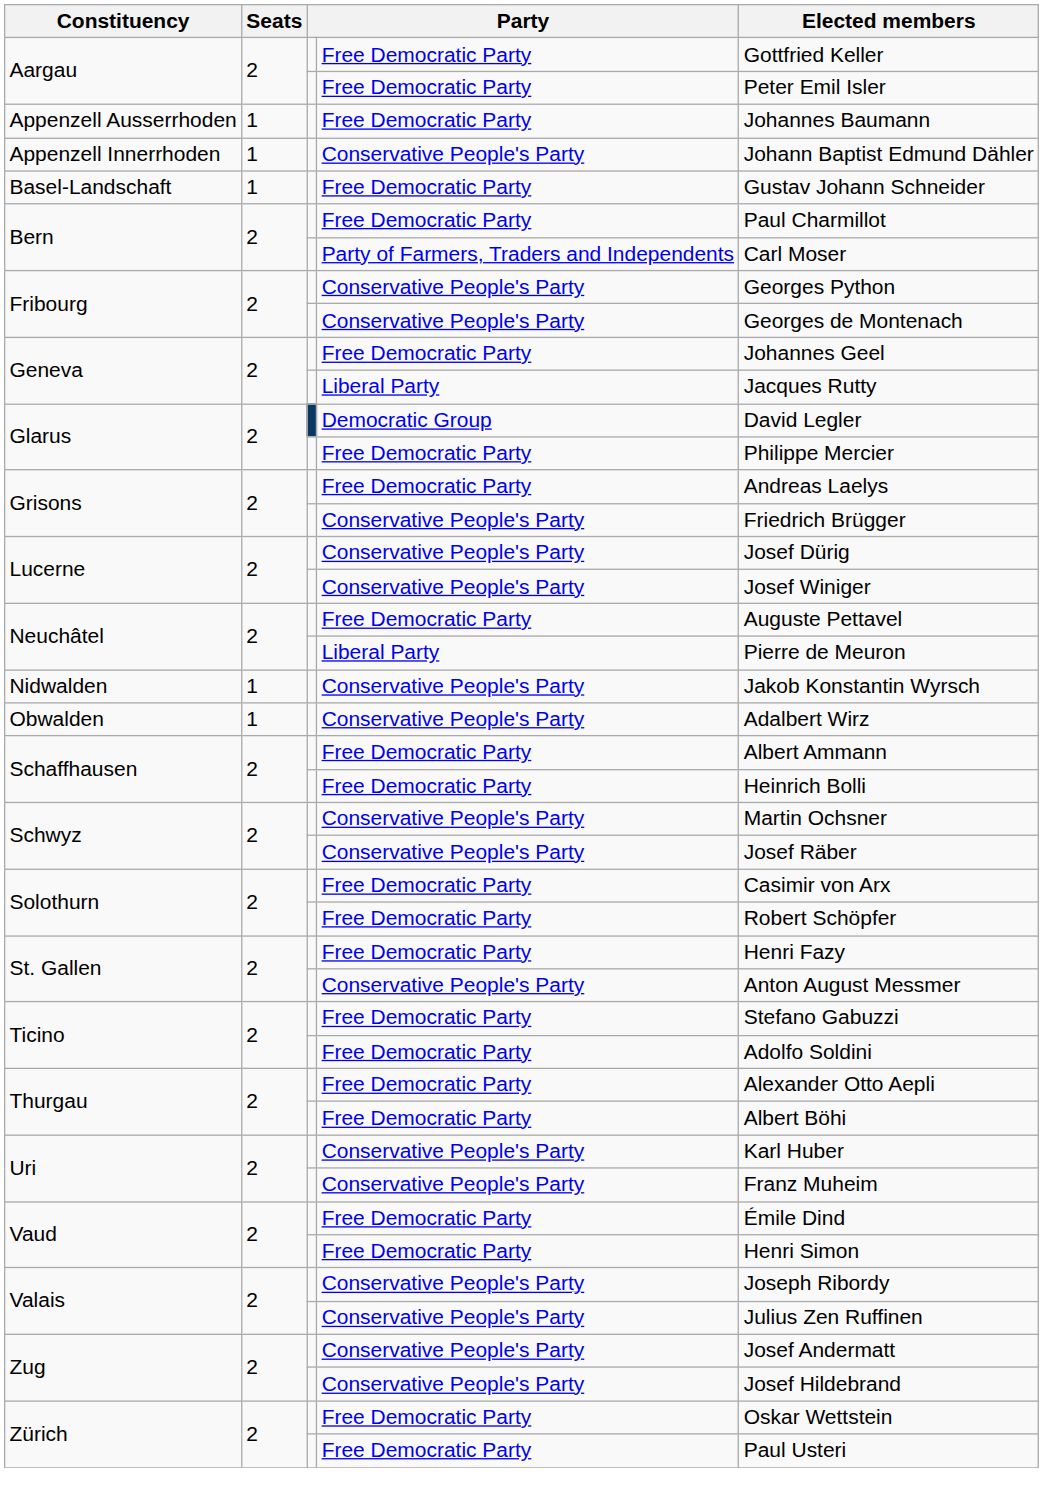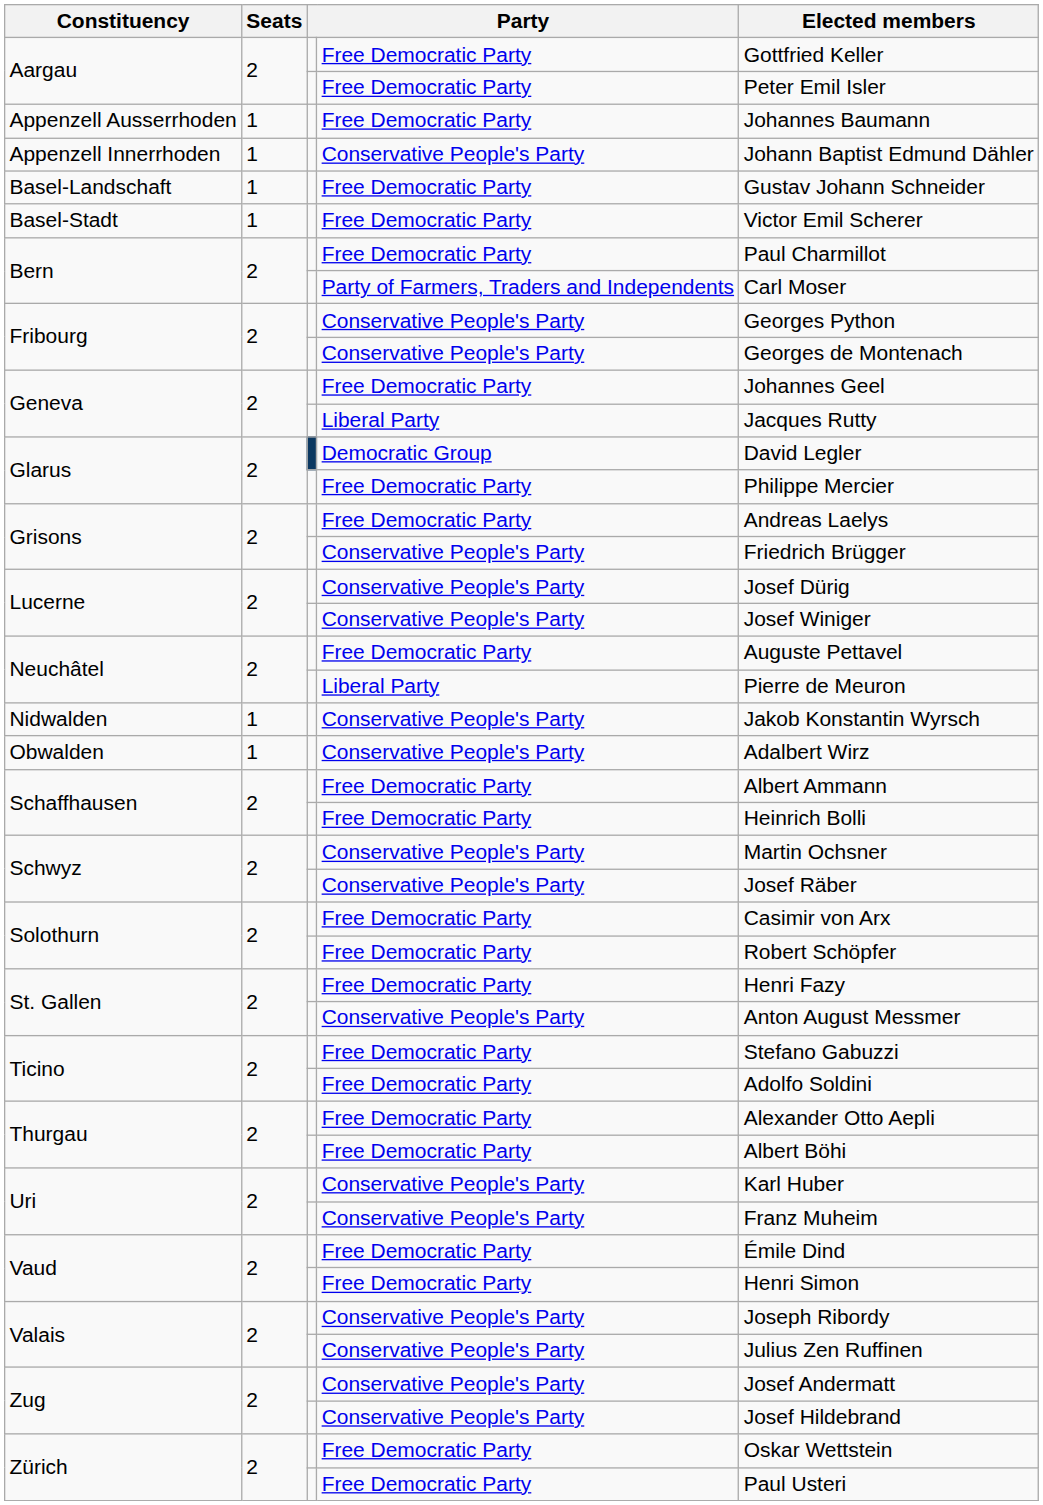 <table class="wikitable">
 <tr>
 <th>Constituency</th>
 <th>Seats</th>
 <th colspan="2">Party</th>
 <th>Elected members</th>
 </tr>
 <tr>
 <td rowspan="2">Aargau</td>
 <td rowspan="2">2</td>
 <td style="color:inherit;background:"></td>
 <td><a href='#'>Free Democratic Party</a></td>
 <td>Gottfried Keller</td>
 </tr>
 <tr>
 <td style="color:inherit;background:"></td>
 <td><a href='#'>Free Democratic Party</a></td>
 <td>Peter Emil Isler</td>
 </tr>
 <tr>
 <td>Appenzell Ausserrhoden</td>
 <td>1</td>
 <td style="color:inherit;background:"></td>
 <td><a href='#'>Free Democratic Party</a></td>
 <td>Johannes Baumann</td>
 </tr>
 <tr>
 <td>Appenzell Innerrhoden</td>
 <td>1</td>
 <td style="color:inherit;background:"></td>
 <td><a href='#'>Conservative People's Party</a></td>
 <td>Johann Baptist Edmund Dähler</td>
 </tr>
 <tr>
 <td>Basel-Landschaft</td>
 <td>1</td>
 <td style="color:inherit;background:"></td>
 <td><a href='#'>Free Democratic Party</a></td>
 <td>Gustav Johann Schneider</td>
+</tr>
+<tr>
+<td>Basel-Stadt</td>
+<td>1</td>
+<td style="color:inherit;background:"></td>
+<td><a href='#'>Free Democratic Party</a></td>
+<td>Victor Emil Scherer</td>
 </tr>
 <tr>
 <td rowspan="2">Bern</td>
 <td rowspan="2">2</td>
 <td style="color:inherit;background:"></td>
 <td><a href='#'>Free Democratic Party</a></td>
 <td>Paul Charmillot</td>
 </tr>
 <tr>
 <td style="color:inherit;background:"></td>
 <td><a href='#'>Party of Farmers, Traders and Independents</a></td>
 <td>Carl Moser</td>
 </tr>
 <tr>
 <td rowspan="2">Fribourg</td>
 <td rowspan="2">2</td>
 <td style="color:inherit;background:"></td>
 <td><a href='#'>Conservative People's Party</a></td>
 <td>Georges Python</td>
 </tr>
 <tr>
 <td style="color:inherit;background:"></td>
 <td><a href='#'>Conservative People's Party</a></td>
 <td>Georges de Montenach</td>
 </tr>
 <tr>
 <td rowspan="2">Geneva</td>
 <td rowspan="2">2</td>
 <td style="color:inherit;background:"></td>
 <td><a href='#'>Free Democratic Party</a></td>
 <td>Johannes Geel</td>
 </tr>
 <tr>
 <td style="color:inherit;background:"></td>
 <td><a href='#'>Liberal Party</a></td>
 <td>Jacques Rutty</td>
 </tr>
 <tr>
 <td rowspan="2">Glarus</td>
 <td rowspan="2">2</td>
 <td style="color:inherit;background:#0B3861"></td>
 <td><a href='#'>Democratic Group</a></td>
 <td>David Legler</td>
 </tr>
 <tr>
 <td style="color:inherit;background:"></td>
 <td><a href='#'>Free Democratic Party</a></td>
 <td>Philippe Mercier</td>
 </tr>
 <tr>
 <td rowspan="2">Grisons</td>
 <td rowspan="2">2</td>
 <td style="color:inherit;background:"></td>
 <td><a href='#'>Free Democratic Party</a></td>
 <td>Andreas Laelys</td>
 </tr>
 <tr>
 <td style="color:inherit;background:"></td>
 <td><a href='#'>Conservative People's Party</a></td>
 <td>Friedrich Brügger</td>
 </tr>
 <tr>
 <td rowspan="2">Lucerne</td>
 <td rowspan="2">2</td>
 <td style="color:inherit;background:"></td>
 <td><a href='#'>Conservative People's Party</a></td>
 <td>Josef Dürig</td>
 </tr>
 <tr>
 <td style="color:inherit;background:"></td>
 <td><a href='#'>Conservative People's Party</a></td>
 <td>Josef Winiger</td>
 </tr>
 <tr>
 <td rowspan="2">Neuchâtel</td>
 <td rowspan="2">2</td>
 <td style="color:inherit;background:"></td>
 <td><a href='#'>Free Democratic Party</a></td>
 <td>Auguste Pettavel</td>
 </tr>
 <tr>
 <td style="color:inherit;background:"></td>
 <td><a href='#'>Liberal Party</a></td>
 <td>Pierre de Meuron</td>
 </tr>
 <tr>
 <td>Nidwalden</td>
 <td>1</td>
 <td style="color:inherit;background:"></td>
 <td><a href='#'>Conservative People's Party</a></td>
 <td>Jakob Konstantin Wyrsch</td>
 </tr>
 <tr>
 <td>Obwalden</td>
 <td>1</td>
 <td style="color:inherit;background:"></td>
 <td><a href='#'>Conservative People's Party</a></td>
 <td>Adalbert Wirz</td>
 </tr>
 <tr>
 <td rowspan="2">Schaffhausen</td>
 <td rowspan="2">2</td>
 <td style="color:inherit;background:"></td>
 <td><a href='#'>Free Democratic Party</a></td>
 <td>Albert Ammann</td>
 </tr>
 <tr>
 <td style="color:inherit;background:"></td>
 <td><a href='#'>Free Democratic Party</a></td>
 <td>Heinrich Bolli</td>
 </tr>
 <tr>
 <td rowspan="2">Schwyz</td>
 <td rowspan="2">2</td>
 <td style="color:inherit;background:"></td>
 <td><a href='#'>Conservative People's Party</a></td>
 <td>Martin Ochsner</td>
 </tr>
 <tr>
 <td style="color:inherit;background:"></td>
 <td><a href='#'>Conservative People's Party</a></td>
 <td>Josef Räber</td>
 </tr>
 <tr>
 <td rowspan="2">Solothurn</td>
 <td rowspan="2">2</td>
 <td style="color:inherit;background:"></td>
 <td><a href='#'>Free Democratic Party</a></td>
 <td>Casimir von Arx</td>
 </tr>
 <tr>
 <td style="color:inherit;background:"></td>
 <td><a href='#'>Free Democratic Party</a></td>
 <td>Robert Schöpfer</td>
 </tr>
 <tr>
 <td rowspan="2">St. Gallen</td>
 <td rowspan="2">2</td>
 <td style="color:inherit;background:"></td>
 <td><a href='#'>Free Democratic Party</a></td>
 <td>Henri Fazy</td>
 </tr>
 <tr>
 <td style="color:inherit;background:"></td>
 <td><a href='#'>Conservative People's Party</a></td>
 <td>Anton August Messmer</td>
 </tr>
 <tr>
 <td rowspan="2">Ticino</td>
 <td rowspan="2">2</td>
 <td style="color:inherit;background:"></td>
 <td><a href='#'>Free Democratic Party</a></td>
 <td>Stefano Gabuzzi</td>
 </tr>
 <tr>
 <td style="color:inherit;background:"></td>
 <td><a href='#'>Free Democratic Party</a></td>
 <td>Adolfo Soldini</td>
 </tr>
 <tr>
 <td rowspan="2">Thurgau</td>
 <td rowspan="2">2</td>
 <td style="color:inherit;background:"></td>
 <td><a href='#'>Free Democratic Party</a></td>
 <td>Alexander Otto Aepli</td>
 </tr>
 <tr>
 <td style="color:inherit;background:"></td>
 <td><a href='#'>Free Democratic Party</a></td>
 <td>Albert Böhi</td>
 </tr>
 <tr>
 <td rowspan="2">Uri</td>
 <td rowspan="2">2</td>
 <td style="color:inherit;background:"></td>
 <td><a href='#'>Conservative People's Party</a></td>
 <td>Karl Huber</td>
 </tr>
 <tr>
 <td style="color:inherit;background:"></td>
 <td><a href='#'>Conservative People's Party</a></td>
 <td>Franz Muheim</td>
 </tr>
 <tr>
 <td rowspan="2">Vaud</td>
 <td rowspan="2">2</td>
 <td style="color:inherit;background:"></td>
 <td><a href='#'>Free Democratic Party</a></td>
 <td>Émile Dind</td>
 </tr>
 <tr>
 <td style="color:inherit;background:"></td>
 <td><a href='#'>Free Democratic Party</a></td>
 <td>Henri Simon</td>
 </tr>
 <tr>
 <td rowspan="2">Valais</td>
 <td rowspan="2">2</td>
 <td style="color:inherit;background:"></td>
 <td><a href='#'>Conservative People's Party</a></td>
 <td>Joseph Ribordy</td>
 </tr>
 <tr>
 <td style="color:inherit;background:"></td>
 <td><a href='#'>Conservative People's Party</a></td>
 <td>Julius Zen Ruffinen</td>
 </tr>
 <tr>
 <td rowspan="2">Zug</td>
 <td rowspan="2">2</td>
 <td style="color:inherit;background:"></td>
 <td><a href='#'>Conservative People's Party</a></td>
 <td>Josef Andermatt</td>
 </tr>
 <tr>
 <td style="color:inherit;background:"></td>
 <td><a href='#'>Conservative People's Party</a></td>
 <td>Josef Hildebrand</td>
 </tr>
 <tr>
 <td rowspan="2">Zürich</td>
 <td rowspan="2">2</td>
 <td style="color:inherit;background:"></td>
 <td><a href='#'>Free Democratic Party</a></td>
 <td>Oskar Wettstein</td>
 </tr>
 <tr>
 <td style="color:inherit;background:"></td>
 <td><a href='#'>Free Democratic Party</a></td>
 <td>Paul Usteri</td>
 </tr>
 </table>
